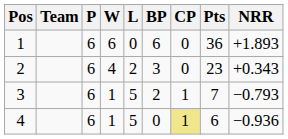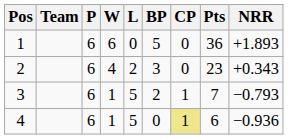 <table class="wikitable">
 <tr>
 <th>Pos</th>
 <th>Team</th>
 <th>P</th>
 <th>W</th>
 <th>L</th>
 <th>BP</th>
 <th>CP</th>
 <th>Pts</th>
 <th>NRR</th>
 </tr>
 <tr style="text-align:center;">
 <td>1</td>
 <td style="text-align:left;"></td>
 <td>6</td>
 <td>6</td>
 <td>0</td>
-<td>6</td>
+<td>5</td>
 <td>0</td>
 <td>36</td>
 <td>+1.893</td>
 </tr>
 <tr style="text-align:center;">
 <td>2</td>
 <td style="text-align:left;"></td>
 <td>6</td>
 <td>4</td>
 <td>2</td>
 <td>3</td>
 <td>0</td>
 <td>23</td>
 <td>+0.343</td>
 </tr>
 <tr style="text-align:center;">
 <td>3</td>
 <td style="text-align:left;"></td>
 <td>6</td>
 <td>1</td>
 <td>5</td>
 <td>2</td>
 <td>1</td>
 <td>7</td>
 <td>−0.793</td>
 </tr>
 <tr style="text-align:center;">
 <td>4</td>
 <td style="text-align:left;"></td>
 <td>6</td>
 <td>1</td>
 <td>5</td>
 <td>0</td>
 <td style="background: khaki;">1</td>
 <td>6</td>
 <td>−0.936</td>
 </tr>
 </table>
